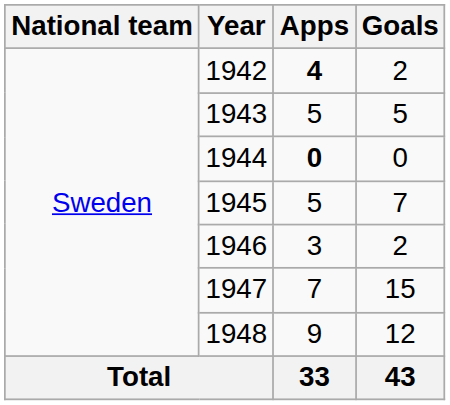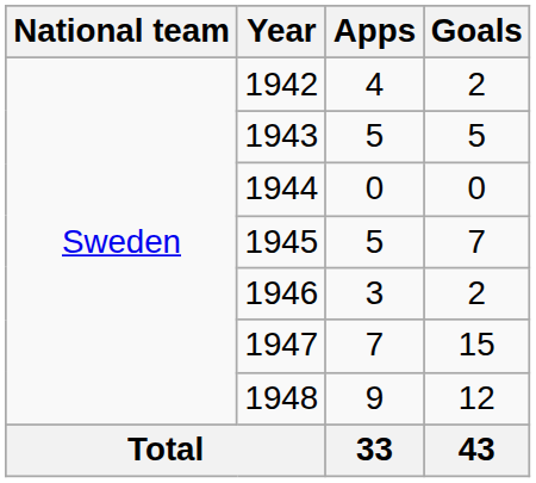 <table class="wikitable" style="text-align:center">
 <tr>
 <th>National team</th>
 <th>Year</th>
 <th>Apps</th>
 <th>Goals</th>
 </tr>
 <tr>
 <td rowspan="7"><a href='#'>Sweden</a></td>
 <td>1942</td>
-<td><strong>4</strong></td>
+<td>4</td>
 <td>2</td>
 </tr>
 <tr>
 <td>1943</td>
 <td>5</td>
 <td>5</td>
 </tr>
 <tr>
 <td>1944</td>
-<td><strong>0</strong></td>
+<td>0</td>
 <td>0</td>
 </tr>
 <tr>
 <td>1945</td>
 <td>5</td>
 <td>7</td>
 </tr>
 <tr>
 <td>1946</td>
 <td>3</td>
 <td>2</td>
 </tr>
 <tr>
 <td>1947</td>
 <td>7</td>
 <td>15</td>
 </tr>
 <tr>
 <td>1948</td>
 <td>9</td>
 <td>12</td>
 </tr>
 <tr>
 <th colspan="2">Total</th>
 <th>33</th>
 <th>43</th>
 </tr>
 </table>
